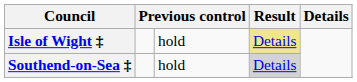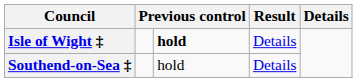 <table class="wikitable sortable" border="1">
 <tr>
 <th scope="col">Council</th>
 <th colspan=2>Previous control</th>
 <th colspan=2>Result</th>
 <th class="unsortable" scope="col">Details</th>
 </tr>
 <tr>
 <th scope="row" style="text-align: left;"><a href='#'>Isle of Wight</a> ‡</th>
 <td></td>
-<td> hold</td>
-<td style="background: khaki;"><a href='#'>Details</a></td>
+<td><strong> hold</strong></td>
+<td><a href='#'>Details</a></td>
 </tr>
 <tr>
 <th scope="row" style="text-align: left;"><a href='#'>Southend-on-Sea</a> ‡</th>
 <td></td>
 <td> hold</td>
-<td style="background: lightgrey;"><a href='#'>Details</a></td>
+<td><a href='#'>Details</a></td>
 </tr>
 </table>
